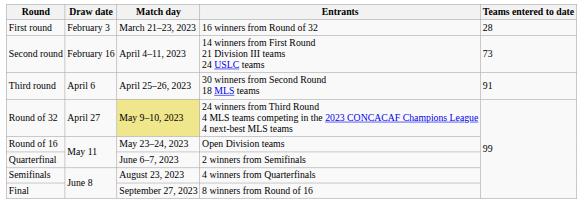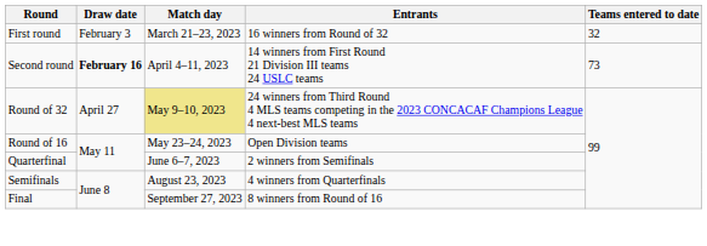 <table class="wikitable" style="margin-left: auto; margin-right: auto; border: none;">
 <tr>
 <th>Round</th>
 <th>Draw date</th>
 <th>Match day</th>
 <th>Entrants</th>
 <th>Teams entered to date</th>
 </tr>
 <tr>
 <td>First round</td>
 <td>February 3</td>
 <td>March 21–23, 2023</td>
 <td>16 winners from Round of 32</td>
-<td>28</td>
+<td>32</td>
 </tr>
 <tr>
 <td>Second round</td>
-<td>February 16</td>
+<td><strong>February 16</strong></td>
 <td>April 4–11, 2023</td>
 <td>14 winners from First Round<br>21 Division III teams<br>24 <a href='#'>USLC</a> teams</td>
 <td>73</td>
-</tr>
-<tr>
-<td>Third round</td>
-<td>April 6</td>
-<td>April 25–26, 2023</td>
-<td>30 winners from Second Round<br>18 <a href='#'>MLS</a> teams</td>
-<td>91</td>
 </tr>
 <tr>
 <td>Round of 32</td>
 <td>April 27</td>
 <td style="background: khaki;">May 9–10, 2023</td>
 <td>24 winners from Third Round<br>4 MLS teams competing in the <a href='#'>2023 CONCACAF Champions League</a><br>4 next-best MLS teams</td>
 <td rowspan="5">99</td>
 </tr>
 <tr>
 <td>Round of 16</td>
 <td rowspan="2">May 11</td>
 <td>May 23–24, 2023</td>
 <td>Open Division teams</td>
 </tr>
 <tr>
 <td>Quarterfinal</td>
 <td>June 6–7, 2023</td>
 <td>2 winners from Semifinals</td>
 </tr>
 <tr>
 <td>Semifinals</td>
 <td rowspan="2”">June 8</td>
 <td>August 23, 2023</td>
 <td>4 winners from Quarterfinals</td>
 </tr>
 <tr>
 <td>Final</td>
 <td>September 27, 2023</td>
 <td>8 winners from Round of 16</td>
 </tr>
 </table>
